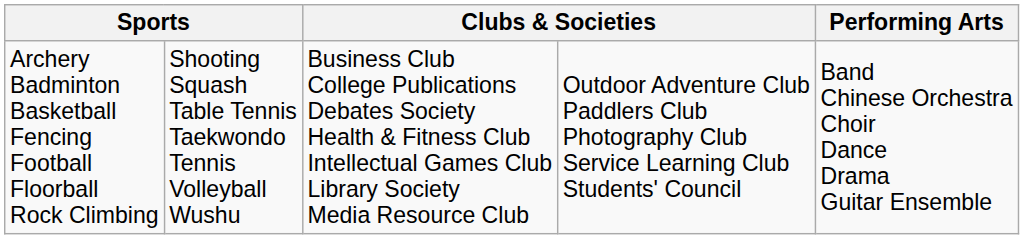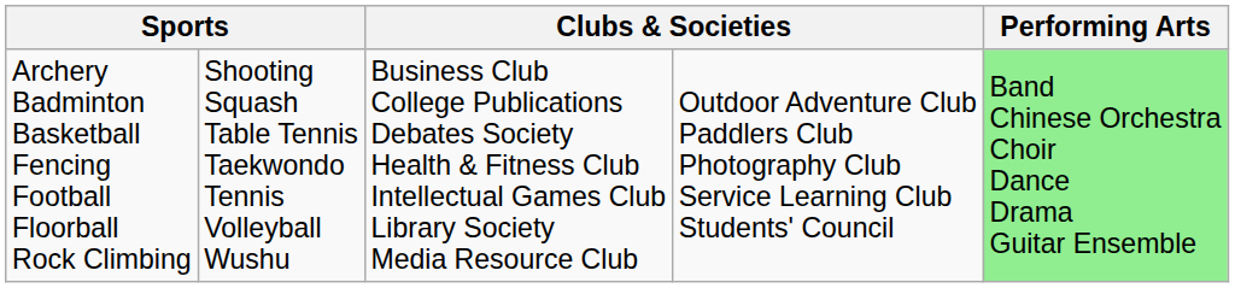 <table class="wikitable">
 <tr>
 <th colspan="2">Sports</th>
 <th colspan="2">Clubs & Societies</th>
 <th>Performing Arts</th>
 </tr>
 <tr>
 <td>Archery<br>Badminton<br>Basketball<br>Fencing<br>Football<br>Floorball<br>Rock Climbing</td>
 <td>Shooting<br>Squash<br>Table Tennis<br>Taekwondo<br>Tennis<br>Volleyball<br>Wushu</td>
 <td>Business Club<br>College Publications<br>Debates Society<br>Health & Fitness Club<br>Intellectual Games Club<br>Library Society<br>Media Resource Club</td>
 <td>Outdoor Adventure Club<br>Paddlers Club<br>Photography Club<br>Service Learning Club<br>Students' Council</td>
-<td>Band<br>Chinese Orchestra<br>Choir<br>Dance<br>Drama<br>Guitar Ensemble</td>
+<td style="background: lightgreen;">Band<br>Chinese Orchestra<br>Choir<br>Dance<br>Drama<br>Guitar Ensemble</td>
 </tr>
 </table>
